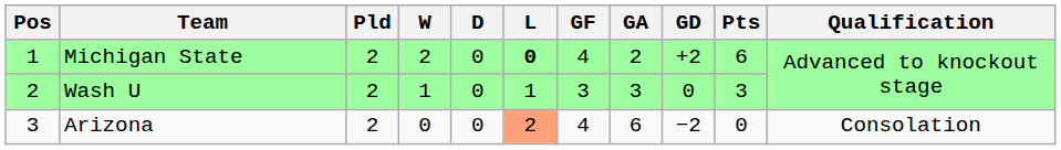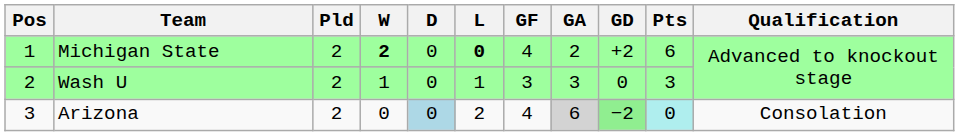 <table class="wikitable" style="text-align:center; margin: 1em auto">
 <tr>
 <th style="width:2em">Pos</th>
 <th style="width:13em">Team</th>
 <th style="width:2em">Pld</th>
 <th style="width:2em">W</th>
 <th style="width:2em">D</th>
 <th style="width:2em">L</th>
 <th style="width:2em">GF</th>
 <th style="width:2em">GA</th>
 <th style="width:2em">GD</th>
 <th style="width:2em">Pts</th>
 <th style="width:13em">Qualification</th>
 </tr>
 <tr bgcolor="#9eff9e">
 <td>1</td>
 <td style="text-align:left">Michigan State</td>
 <td>2</td>
-<td>2</td>
+<td><strong>2</strong></td>
 <td>0</td>
 <td><strong>0</strong></td>
 <td>4</td>
 <td>2</td>
 <td>+2</td>
 <td>6</td>
 <td rowspan="2">Advanced to knockout stage</td>
 </tr>
 <tr bgcolor="#9eff9e">
 <td>2</td>
 <td style="text-align:left">Wash U</td>
 <td>2</td>
 <td>1</td>
 <td>0</td>
 <td>1</td>
 <td>3</td>
 <td>3</td>
 <td>0</td>
 <td>3</td>
 </tr>
 <tr>
 <td>3</td>
 <td style="text-align:left">Arizona</td>
 <td>2</td>
 <td>0</td>
-<td>0</td>
-<td style="background: lightsalmon;">2</td>
+<td style="background: lightblue;">0</td>
+<td>2</td>
 <td>4</td>
-<td>6</td>
-<td>−2</td>
-<td>0</td>
+<td style="background: lightgrey;">6</td>
+<td style="background: lightgreen;">−2</td>
+<td style="background: paleturquoise;">0</td>
 <td>Consolation</td>
 </tr>
 </table>
